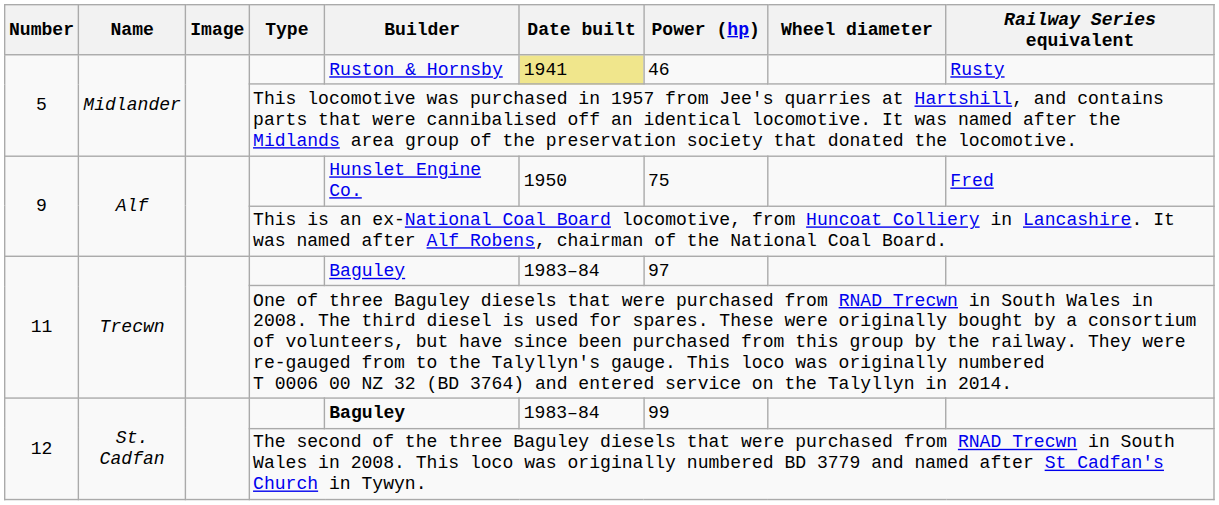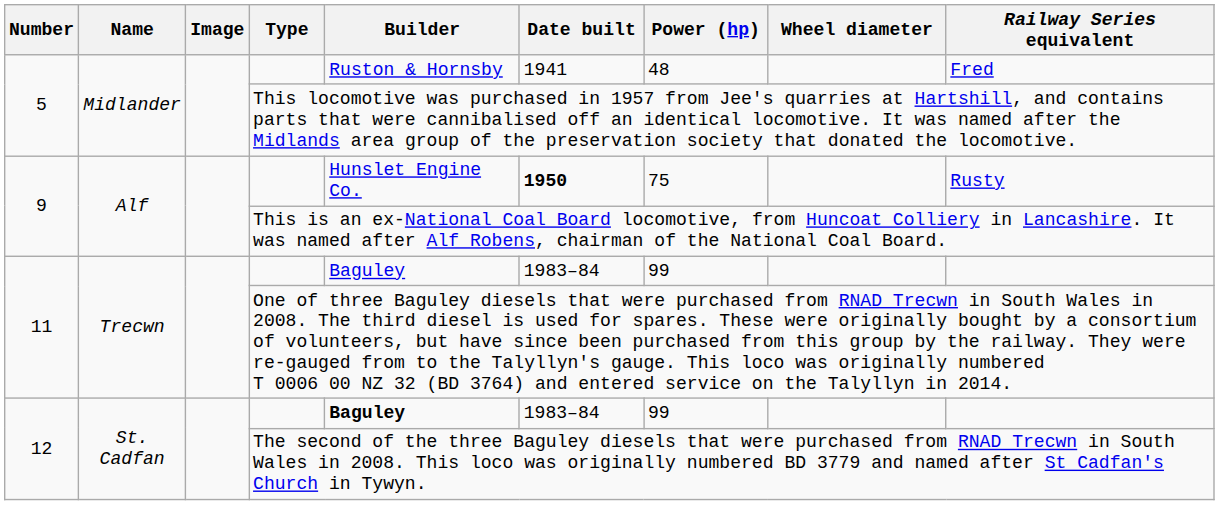 <table class="sort wikitable">
 <tr>
 <th>Number</th>
 <th>Name</th>
 <th>Image</th>
 <th>Type</th>
 <th>Builder</th>
 <th>Date built</th>
 <th>Power (<a href='#'>hp</a>)</th>
 <th>Wheel diameter</th>
 <th><em>Railway Series</em> equivalent</th>
 </tr>
 <tr>
 <td rowspan=2 align="center">5</td>
 <td rowspan=2 align="center"><em>Midlander</em></td>
 <td rowspan=2 align="center"></td>
 <td align="center"></td>
 <td><a href='#'>Ruston & Hornsby</a></td>
-<td style="background: khaki;">1941</td>
-<td>46</td>
+<td>1941</td>
+<td>48</td>
 <td></td>
-<td><a href='#'>Rusty</a></td>
+<td><a href='#'>Fred</a></td>
 </tr>
 <tr>
 <td colspan=6>This locomotive was purchased in 1957 from Jee's quarries at <a href='#'>Hartshill</a>, and contains parts that were cannibalised off an identical locomotive. It was named after the <a href='#'>Midlands</a> area group of the preservation society that donated the locomotive.</td>
 </tr>
 <tr>
 <td rowspan=2 align="center">9</td>
 <td rowspan=2 align="center"><em>Alf</em></td>
 <td rowspan=2 align="center"></td>
 <td align="center"></td>
 <td><a href='#'>Hunslet Engine Co.</a></td>
-<td>1950</td>
+<td><strong>1950</strong></td>
 <td>75</td>
 <td></td>
-<td><a href='#'>Fred</a></td>
+<td><a href='#'>Rusty</a></td>
 </tr>
 <tr>
 <td colspan=6>This is an ex-<a href='#'>National Coal Board</a> locomotive, from <a href='#'>Huncoat Colliery</a> in <a href='#'>Lancashire</a>. It was named after <a href='#'>Alf Robens</a>, chairman of the National Coal Board.</td>
 </tr>
 <tr>
 <td rowspan=2 align="center">11</td>
 <td rowspan=2 align="center"><em>Trecwn</em></td>
 <td rowspan=2 align="center"></td>
 <td align="center"></td>
 <td><a href='#'>Baguley</a></td>
 <td>1983–84</td>
-<td>97</td>
+<td>99</td>
 <td></td>
 <td></td>
 </tr>
 <tr>
 <td colspan=6>One of three Baguley diesels that were purchased from <a href='#'>RNAD Trecwn</a> in South Wales in 2008. The third diesel is used for spares. These were originally bought by a consortium of volunteers, but have since been purchased from this group by the railway. They were re-gauged from  to the Talyllyn's  gauge. This loco was originally numbered T 0006 00 NZ 32 (BD 3764) and entered service on the Talyllyn in 2014.</td>
 </tr>
 <tr>
 <td rowspan=2 align="center">12</td>
 <td rowspan=2 align="center"><em>St. Cadfan</em></td>
 <td rowspan=2 align="center"></td>
 <td align="center"></td>
 <td><strong>Baguley</strong></td>
 <td>1983–84</td>
 <td>99</td>
 <td></td>
 <td></td>
 </tr>
 <tr>
 <td colspan=6>The second of the three Baguley diesels that were purchased from <a href='#'>RNAD Trecwn</a> in South Wales in 2008. This loco was originally numbered BD 3779 and named after <a href='#'>St Cadfan's Church</a> in Tywyn.</td>
 </tr>
 </table>
